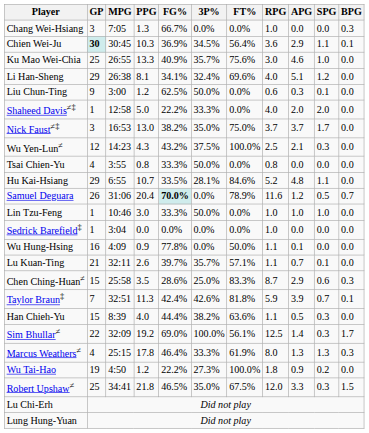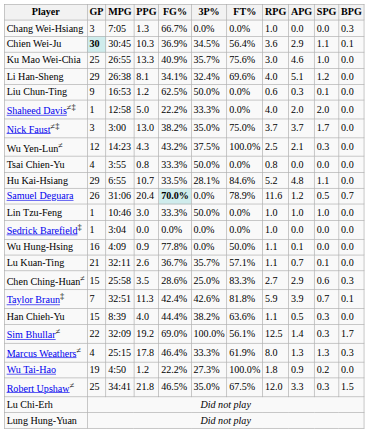 <table class="wikitable">
 <tr>
 <th>Player</th>
 <th>GP</th>
 <th>MPG</th>
 <th>PPG</th>
 <th>FG%</th>
 <th>3P%</th>
 <th>FT%</th>
 <th>RPG</th>
 <th>APG</th>
 <th>SPG</th>
 <th>BPG</th>
 </tr>
 <tr>
 <td>Chang Wei-Hsiang</td>
 <td>3</td>
 <td>7:05</td>
 <td>1.3</td>
 <td>66.7%</td>
 <td>0.0%</td>
 <td>0.0%</td>
 <td>1.0</td>
 <td>0.0</td>
 <td>0.0</td>
 <td>0.3</td>
 </tr>
 <tr>
 <td>Chien Wei-Ju</td>
 <td style="background-color: #CFECEC"><strong>30</strong></td>
 <td>30:45</td>
 <td>10.3</td>
 <td>36.9%</td>
 <td>34.5%</td>
 <td>56.4%</td>
 <td>3.6</td>
 <td>2.9</td>
 <td>1.1</td>
 <td>0.1</td>
 </tr>
 <tr>
 <td>Ku Mao Wei-Chia</td>
 <td>25</td>
 <td>26:55</td>
 <td>13.3</td>
 <td>40.9%</td>
 <td>35.7%</td>
 <td>75.6%</td>
 <td>3.0</td>
 <td>4.6</td>
 <td>1.0</td>
 <td>0.0</td>
 </tr>
 <tr>
 <td>Li Han-Sheng</td>
 <td>29</td>
 <td>26:38</td>
 <td>8.1</td>
 <td>34.1%</td>
 <td>32.4%</td>
 <td>69.6%</td>
 <td>4.0</td>
 <td>5.1</td>
 <td>1.2</td>
 <td>0.0</td>
 </tr>
 <tr>
 <td>Liu Chun-Ting</td>
 <td>9</td>
-<td>3:00</td>
+<td>16:53</td>
 <td>1.2</td>
 <td>62.5%</td>
 <td>50.0%</td>
 <td>0.0%</td>
 <td>0.6</td>
 <td>0.3</td>
 <td>0.1</td>
 <td>0.0</td>
 </tr>
 <tr>
 <td><a href='#'>Shaheed Davis</a><sup>≠‡</sup></td>
 <td>1</td>
 <td>12:58</td>
 <td>5.0</td>
 <td>22.2%</td>
 <td>33.3%</td>
 <td>0.0%</td>
 <td>4.0</td>
 <td>2.0</td>
 <td>2.0</td>
 <td>0.0</td>
 </tr>
 <tr>
 <td><a href='#'>Nick Faust</a><sup>≠‡</sup></td>
 <td>3</td>
-<td>16:53</td>
+<td>3:00</td>
 <td>13.0</td>
 <td>38.2%</td>
 <td>35.0%</td>
 <td>75.0%</td>
 <td>3.7</td>
 <td>3.7</td>
 <td>1.7</td>
 <td>0.0</td>
 </tr>
 <tr>
 <td>Wu Yen-Lun<sup>≠</sup></td>
 <td>12</td>
 <td>14:23</td>
 <td>4.3</td>
 <td>43.2%</td>
 <td>37.5%</td>
 <td>100.0%</td>
 <td>2.5</td>
 <td>2.1</td>
 <td>0.3</td>
 <td>0.0</td>
 </tr>
 <tr>
 <td>Tsai Chien-Yu</td>
 <td>4</td>
 <td>3:55</td>
 <td>0.8</td>
 <td>33.3%</td>
 <td>50.0%</td>
 <td>0.0%</td>
 <td>0.8</td>
 <td>0.0</td>
 <td>0.0</td>
 <td>0.0</td>
 </tr>
 <tr>
 <td>Hu Kai-Hsiang</td>
 <td>29</td>
 <td>6:55</td>
 <td>10.7</td>
 <td>33.5%</td>
 <td>28.1%</td>
 <td>84.6%</td>
 <td>5.2</td>
 <td>4.8</td>
 <td>1.1</td>
 <td>0.0</td>
 </tr>
 <tr>
 <td><a href='#'>Samuel Deguara</a></td>
 <td>26</td>
 <td>31:06</td>
 <td>20.4</td>
 <td style="background-color: #CFECEC"><strong>70.0%</strong></td>
 <td>0.0%</td>
 <td>78.9%</td>
 <td>11.6</td>
 <td>1.2</td>
 <td>0.5</td>
 <td>0.7</td>
 </tr>
 <tr>
 <td>Lin Tzu-Feng</td>
 <td>1</td>
 <td>10:46</td>
 <td>3.0</td>
 <td>33.3%</td>
 <td>50.0%</td>
 <td>0.0%</td>
 <td>1.0</td>
 <td>1.0</td>
 <td>1.0</td>
 <td>0.0</td>
 </tr>
 <tr>
 <td><a href='#'>Sedrick Barefield</a><sup>‡</sup></td>
 <td>1</td>
 <td>3:04</td>
 <td>0.0</td>
 <td>0.0%</td>
 <td>0.0%</td>
 <td>0.0%</td>
 <td>1.0</td>
 <td>0.0</td>
 <td>0.0</td>
 <td>0.0</td>
 </tr>
 <tr>
 <td>Wu Hung-Hsing</td>
 <td>16</td>
 <td>4:09</td>
 <td>0.9</td>
 <td>77.8%</td>
 <td>0.0%</td>
 <td>50.0%</td>
 <td>1.1</td>
 <td>0.1</td>
 <td>0.0</td>
 <td>0.0</td>
 </tr>
 <tr>
 <td>Lu Kuan-Ting</td>
 <td>21</td>
 <td>32:11</td>
 <td>2.6</td>
-<td>39.7%</td>
+<td>36.7%</td>
 <td>35.7%</td>
 <td>57.1%</td>
 <td>1.1</td>
 <td>0.7</td>
 <td>0.1</td>
 <td>0.0</td>
 </tr>
 <tr>
 <td>Chen Ching-Huan<sup>≠</sup></td>
 <td>15</td>
 <td>25:58</td>
 <td>3.5</td>
 <td>28.6%</td>
 <td>25.0%</td>
 <td>83.3%</td>
-<td>8.7</td>
+<td>2.7</td>
 <td>2.9</td>
 <td>0.6</td>
 <td>0.3</td>
 </tr>
 <tr>
 <td><a href='#'>Taylor Braun</a><sup>‡</sup></td>
 <td>7</td>
 <td>32:51</td>
 <td>11.3</td>
 <td>42.4%</td>
 <td>42.6%</td>
 <td>81.8%</td>
 <td>5.9</td>
 <td>3.9</td>
 <td>0.7</td>
 <td>0.1</td>
 </tr>
 <tr>
 <td>Han Chieh-Yu</td>
 <td>15</td>
 <td>8:39</td>
 <td>4.0</td>
 <td>44.4%</td>
 <td>38.2%</td>
 <td>63.6%</td>
 <td>1.1</td>
 <td>0.5</td>
 <td>0.3</td>
 <td>0.0</td>
 </tr>
 <tr>
 <td><a href='#'>Sim Bhullar</a><sup>≠</sup></td>
 <td>22</td>
 <td>32:09</td>
 <td>19.2</td>
 <td>69.0%</td>
 <td>100.0%</td>
 <td>56.1%</td>
 <td>12.5</td>
 <td>1.4</td>
 <td>0.3</td>
 <td>1.7</td>
 </tr>
 <tr>
 <td><a href='#'>Marcus Weathers</a><sup>≠</sup></td>
 <td>4</td>
 <td>25:15</td>
 <td>17.8</td>
 <td>46.4%</td>
 <td>33.3%</td>
 <td>61.9%</td>
 <td>8.0</td>
 <td>1.3</td>
 <td>1.3</td>
 <td>0.3</td>
 </tr>
 <tr>
 <td><a href='#'>Wu Tai-Hao</a></td>
 <td>19</td>
 <td>4:50</td>
 <td>1.2</td>
 <td>22.2%</td>
 <td>27.3%</td>
 <td>100.0%</td>
 <td>1.8</td>
 <td>0.9</td>
 <td>0.2</td>
 <td>0.0</td>
 </tr>
 <tr>
 <td><a href='#'>Robert Upshaw</a><sup>≠</sup></td>
 <td>25</td>
 <td>34:41</td>
 <td>21.8</td>
 <td>46.5%</td>
 <td>35.0%</td>
 <td>67.5%</td>
 <td>12.0</td>
 <td>3.3</td>
 <td>0.3</td>
 <td>1.5</td>
 </tr>
 <tr>
 <td>Lu Chi-Erh</td>
 <td colspan=10 align=center><em>Did not play</em></td>
 </tr>
 <tr>
 <td>Lung Hung-Yuan</td>
 <td colspan=10 align=center><em>Did not play</em></td>
 </tr>
 </table>
